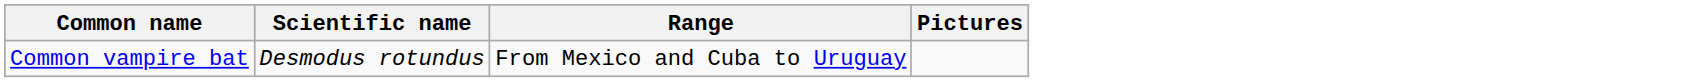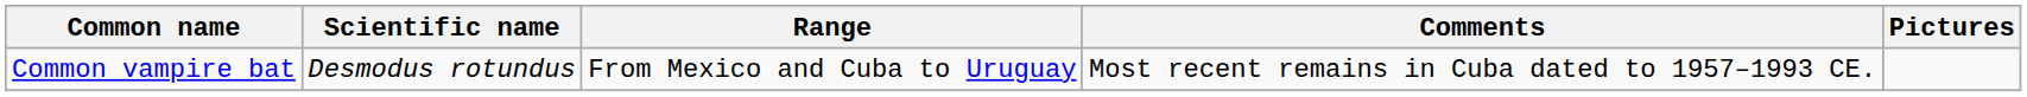 <table class="wikitable">
 <tr>
 <th>Common name</th>
 <th>Scientific name</th>
 <th>Range</th>
+<th class="unsortable">Comments</th>
 <th>Pictures</th>
 </tr>
 <tr>
 <td><a href='#'>Common vampire bat</a></td>
 <td><em>Desmodus rotundus</em></td>
 <td>From Mexico and Cuba to <a href='#'>Uruguay</a></td>
+<td>Most recent remains in Cuba dated to 1957–1993 CE.</td>
 <td></td>
 </tr>
 </table>
